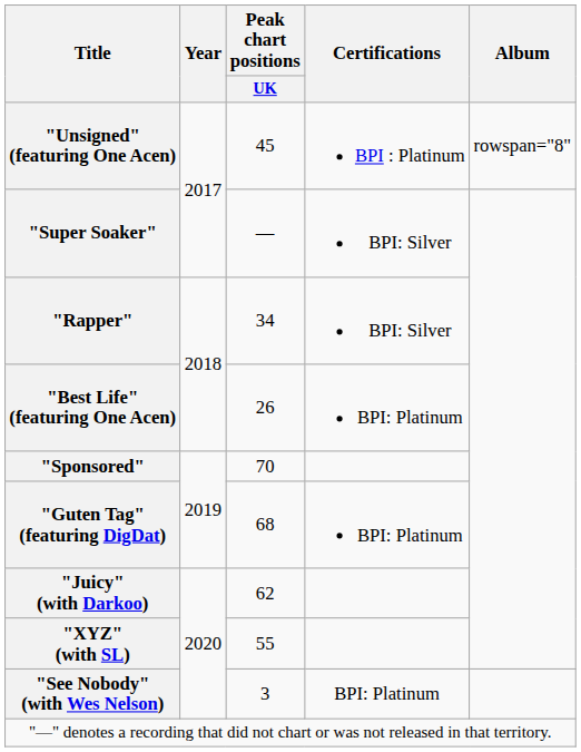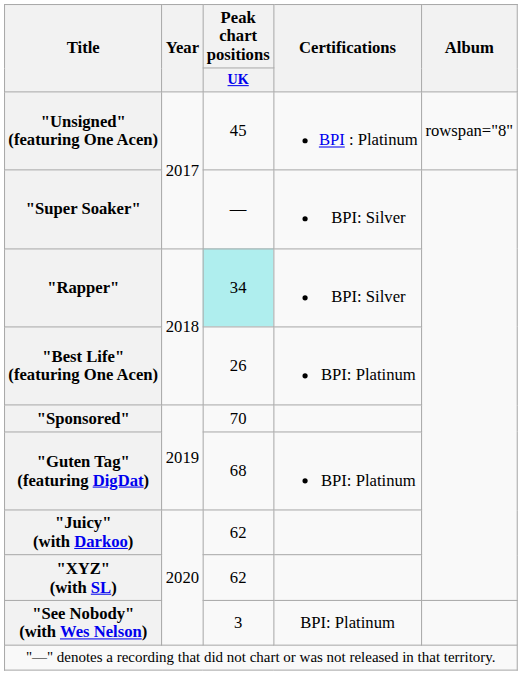 <table class="wikitable plainrowheaders" style="text-align:center;">
 <tr>
 <th scope="col" rowspan="2">Title</th>
 <th scope="col" rowspan="2">Year</th>
 <th scope="col">Peak chart positions</th>
 <th scope="col" rowspan="2">Certifications</th>
 <th scope="col" rowspan="2">Album</th>
 </tr>
 <tr>
 <th scope="col" style="width:3em;font-size:85%;"><a href='#'>UK</a><br></th>
 </tr>
 <tr>
 <th scope="row">"Unsigned"<br><span>(featuring One Acen)</span></th>
 <td rowspan=2>2017</td>
 <td>45</td>
 <td><br><ul><li><a href='#'>BPI</a> : Platinum</li></ul></td>
 <td>rowspan="8" </td>
 </tr>
 <tr>
 <th scope="row">"Super Soaker"</th>
 <td>—</td>
 <td><br><ul><li>BPI: Silver</li></ul></td>
 </tr>
 <tr>
 <th scope="row">"Rapper"</th>
 <td rowspan="2">2018</td>
-<td>34</td>
+<td style="background: paleturquoise;">34</td>
 <td><br><ul><li>BPI: Silver</li></ul></td>
 </tr>
 <tr>
 <th scope="row">"Best Life"<br><span>(featuring One Acen)</span></th>
 <td>26</td>
 <td><br><ul><li>BPI: Platinum</li></ul></td>
 </tr>
 <tr>
 <th scope="row">"Sponsored"</th>
 <td rowspan="2">2019</td>
 <td>70</td>
 <td></td>
 </tr>
 <tr>
 <th scope="row">"Guten Tag"<br><span>(featuring <a href='#'>DigDat</a>)</span></th>
 <td>68</td>
 <td><br><ul><li>BPI: Platinum</li></ul></td>
 </tr>
 <tr>
 <th scope="row">"Juicy"<br><span>(with <a href='#'>Darkoo</a>)</span></th>
 <td rowspan="3">2020</td>
 <td>62</td>
 <td></td>
 </tr>
 <tr>
 <th scope="row">"XYZ"<br><span>(with <a href='#'>SL</a>)</span></th>
-<td>55</td>
+<td>62</td>
 <td></td>
 </tr>
 <tr>
 <th scope="row">"See Nobody"<br><span>(with <a href='#'>Wes Nelson</a>)</span></th>
 <td>3</td>
 <td>BPI: Platinum</td>
 <td></td>
 </tr>
 <tr>
 <td colspan="5" style="font-size:90%">"—" denotes a recording that did not chart or was not released in that territory.</td>
 </tr>
 </table>
